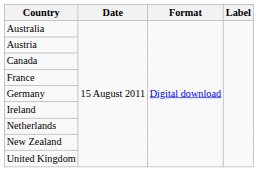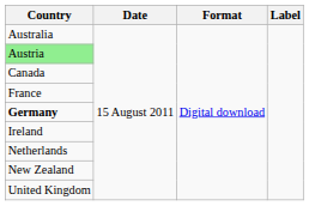 <table class=wikitable>
 <tr>
 <th scope="col">Country</th>
 <th scope="col">Date</th>
 <th scope="col">Format</th>
 <th scope="col">Label</th>
 </tr>
 <tr>
 <td>Australia</td>
 <td rowspan="9">15 August 2011</td>
 <td rowspan="9"><a href='#'>Digital download</a></td>
 <td rowspan="9"></td>
 </tr>
 <tr>
-<td>Austria</td>
+<td style="background: lightgreen;">Austria</td>
 </tr>
 <tr>
 <td>Canada</td>
 </tr>
 <tr>
 <td>France</td>
 </tr>
 <tr>
-<td>Germany</td>
+<td><strong>Germany</strong></td>
 </tr>
 <tr>
 <td>Ireland</td>
 </tr>
 <tr>
 <td>Netherlands</td>
 </tr>
 <tr>
 <td>New Zealand</td>
 </tr>
 <tr>
 <td>United Kingdom</td>
 </tr>
 </table>
